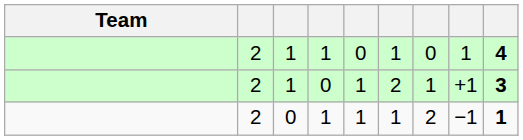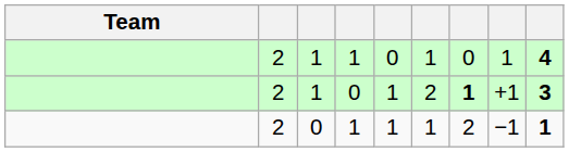 <table class="wikitable" style="text-align:center">
 <tr>
 <th width=175>Team</th>
 <th width=20></th>
 <th width=20></th>
 <th width=20></th>
 <th width=20></th>
 <th width=20></th>
 <th width=20></th>
 <th width=20></th>
 <th width=20></th>
 </tr>
 <tr align=center bgcolor=#ccffcc>
 <td align=left></td>
 <td>2</td>
 <td>1</td>
 <td>1</td>
 <td>0</td>
 <td>1</td>
 <td>0</td>
 <td>1</td>
 <td><strong>4</strong></td>
 </tr>
 <tr align=center bgcolor=#ccffcc>
 <td align=left></td>
 <td>2</td>
 <td>1</td>
 <td>0</td>
 <td>1</td>
 <td>2</td>
-<td>1</td>
+<td><strong>1</strong></td>
 <td>+1</td>
 <td><strong>3</strong></td>
 </tr>
 <tr>
 <td align=left></td>
 <td>2</td>
 <td>0</td>
 <td>1</td>
 <td>1</td>
 <td>1</td>
 <td>2</td>
 <td>−1</td>
 <td><strong>1</strong></td>
 </tr>
 </table>
